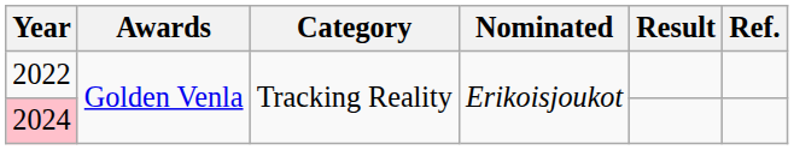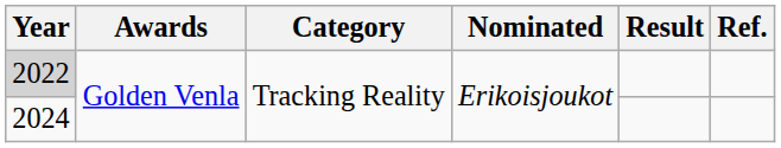 <table class="wikitable">
 <tr>
 <th>Year</th>
 <th>Awards</th>
 <th>Category</th>
 <th>Nominated</th>
 <th>Result</th>
 <th>Ref.</th>
 </tr>
 <tr>
-<td>2022</td>
+<td style="background: lightgrey;">2022</td>
 <td rowspan=2><a href='#'>Golden Venla</a></td>
 <td rowspan=2>Tracking Reality</td>
 <td rowspan=2><em>Erikoisjoukot</em></td>
 <td></td>
 <td></td>
 </tr>
 <tr>
-<td style="background: pink;">2024</td>
+<td>2024</td>
 <td></td>
 <td></td>
 </tr>
 </table>
